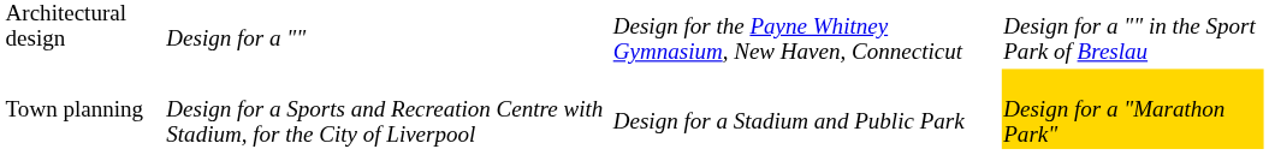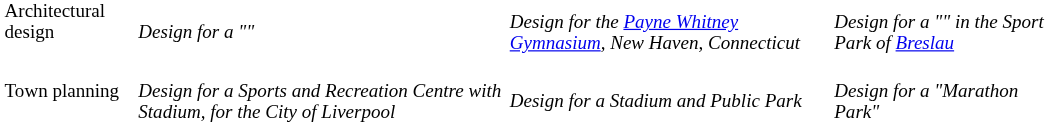 <table style="width:100%" >
 <tr>
 <td>Architectural design</td>
 <td><br><em>Design for a ""</em></td>
 <td><br><em>Design for the <a href='#'>Payne Whitney Gymnasium</a>, New Haven, Connecticut</em></td>
 <td><br><em>Design for a "" in the Sport Park of <a href='#'>Breslau</a></em></td>
 </tr>
 <tr>
 <td>Town planning</td>
 <td><br><em>Design for a Sports and Recreation Centre with Stadium, for the City of Liverpool</em></td>
 <td><br><em>Design for a Stadium and Public Park</em></td>
-<td style="background: gold;"><br><em>Design for a "Marathon Park"</em></td>
+<td><br><em>Design for a "Marathon Park"</em></td>
 </tr>
 </table>
